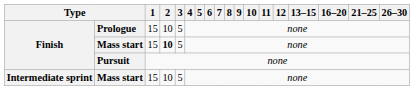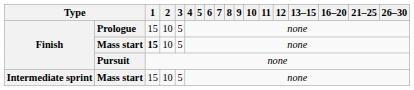 <table class="wikitable plainrowheaders floatright" style="text-align: center">
 <tr>
 <th scope="col" colspan="2">Type</th>
 <th scope="col">1</th>
 <th scope="col">2</th>
 <th scope="col">3</th>
 <th scope="col">4</th>
 <th scope="col">5</th>
 <th scope="col">6</th>
 <th scope="col">7</th>
 <th scope="col">8</th>
 <th scope="col">9</th>
 <th scope="col">10</th>
 <th scope="col">11</th>
 <th scope="col">12</th>
 <th scope="col">13–15</th>
 <th scope="col">16–20</th>
 <th scope="col">21–25</th>
 <th scope="col">26–30</th>
 </tr>
 <tr>
 <th scope="row" rowspan=3>Finish</th>
 <th scope="row" style="text-align:left;">Prologue</th>
 <td>15</td>
 <td>10</td>
 <td>5</td>
 <td colspan="13"><em>none</em></td>
 </tr>
 <tr>
 <th scope="row" style="text-align:left;">Mass start</th>
-<td>15</td>
-<td><strong>10</strong></td>
+<td><strong>15</strong></td>
+<td>10</td>
 <td>5</td>
 <td colspan="13"><em>none</em></td>
 </tr>
 <tr>
 <th scope="row" style="text-align:left;">Pursuit</th>
 <td colspan="16"><em>none</em></td>
 </tr>
 <tr>
 <th scope="row">Intermediate sprint</th>
 <th scope="row" style="text-align:left;">Mass start</th>
 <td>15</td>
 <td>10</td>
 <td>5</td>
 <td colspan="13"><em>none</em></td>
 </tr>
 </table>
